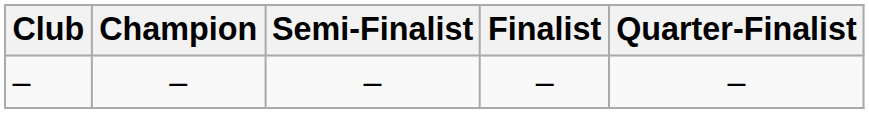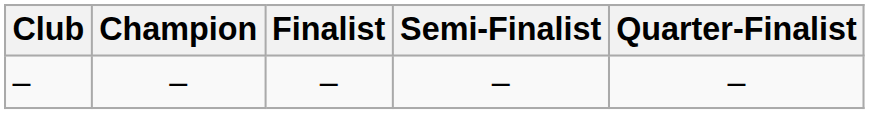 <table class="wikitable" style="text-align:center">
 <tr>
 <th>Club</th>
 <th>Champion</th>
+<th>Finalist</th>
 <th>Semi-Finalist</th>
-<th>Finalist</th>
 <th>Quarter-Finalist</th>
 </tr>
 <tr>
 <td style="text-align:left">–</td>
 <td>–</td>
 <td>–</td>
 <td>–</td>
 <td>–</td>
 </tr>
 </table>
